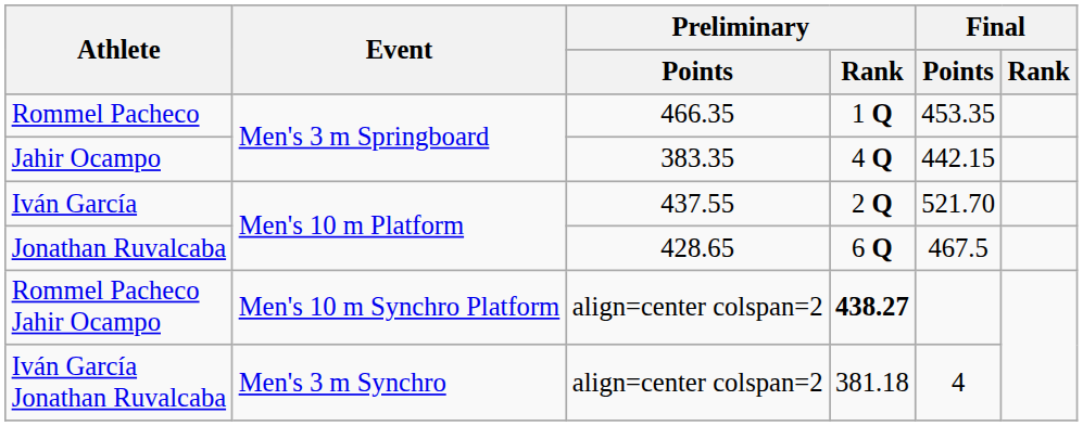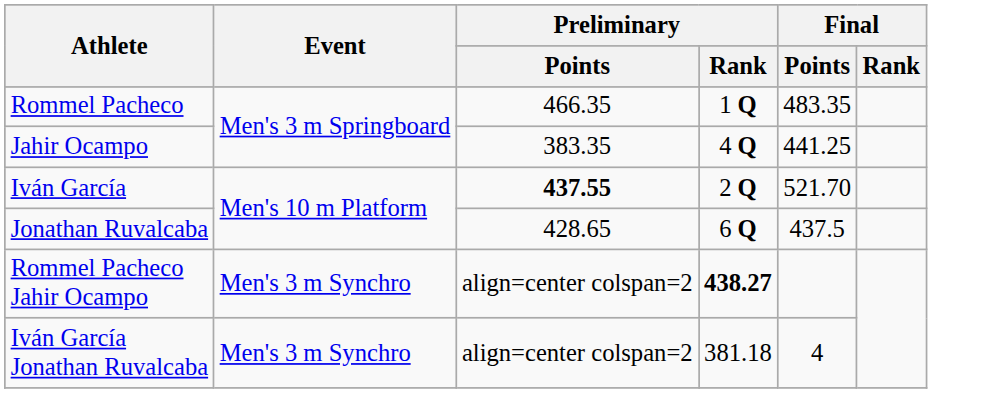 <table class=wikitable style="font-size:90%">
 <tr>
 <th rowspan="2">Athlete</th>
 <th rowspan="2">Event</th>
 <th colspan="2">Preliminary</th>
 <th colspan="2">Final</th>
 </tr>
 <tr>
 <th>Points</th>
 <th>Rank</th>
 <th>Points</th>
 <th>Rank</th>
 </tr>
 <tr>
 <td><a href='#'>Rommel Pacheco</a></td>
 <td rowspan="2"><a href='#'>Men's 3 m Springboard</a></td>
 <td align=center>466.35</td>
 <td align=center>1 <strong>Q</strong></td>
-<td align=center>453.35</td>
+<td align=center>483.35</td>
 <td align=center></td>
 </tr>
 <tr>
 <td><a href='#'>Jahir Ocampo</a></td>
 <td align=center>383.35</td>
 <td align=center>4 <strong>Q</strong></td>
-<td align=center>442.15</td>
+<td align=center>441.25</td>
 <td align=center></td>
 </tr>
 <tr>
 <td><a href='#'>Iván García</a></td>
 <td rowspan="2"><a href='#'>Men's 10 m Platform</a></td>
-<td align=center>437.55</td>
+<td align=center><strong>437.55</strong></td>
 <td align=center>2 <strong>Q</strong></td>
 <td align=center>521.70</td>
 <td align=center></td>
 </tr>
 <tr>
 <td><a href='#'>Jonathan Ruvalcaba</a></td>
 <td align=center>428.65</td>
 <td align=center>6 <strong>Q</strong></td>
-<td align=center>467.5</td>
+<td align=center>437.5</td>
 <td align=center></td>
 </tr>
 <tr>
 <td><a href='#'>Rommel Pacheco</a><br><a href='#'>Jahir Ocampo</a></td>
-<td><a href='#'>Men's 10 m Synchro Platform</a></td>
+<td><a href='#'>Men's 3 m Synchro</a></td>
 <td>align=center colspan=2 </td>
 <td align=center><strong>438.27</strong></td>
 <td align=center></td>
 </tr>
 <tr>
 <td><a href='#'>Iván García</a><br><a href='#'>Jonathan Ruvalcaba</a></td>
 <td><a href='#'>Men's 3 m Synchro</a></td>
 <td>align=center colspan=2 </td>
 <td align=center>381.18</td>
 <td align=center>4</td>
 </tr>
 </table>
